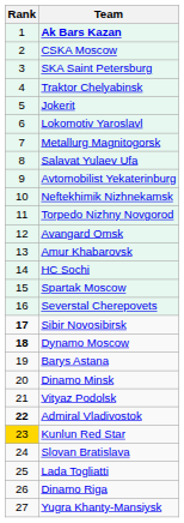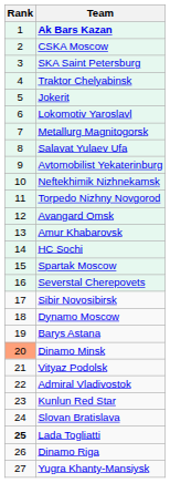 <table class="wikitable">
 <tr>
 <th align="center">Rank</th>
 <th>Team</th>
 </tr>
 <tr bgcolor="#e6f8ef">
 <td rowspan="1" align="center">1</td>
 <td> <strong><a href='#'>Ak Bars Kazan</a></strong></td>
 </tr>
 <tr bgcolor="#e6f8ef">
 <td rowspan="1" align="center">2</td>
 <td> <a href='#'>CSKA Moscow</a></td>
 </tr>
 <tr bgcolor="#e6f8ef">
 <td rowspan="1" align="center">3</td>
 <td> <a href='#'>SKA Saint Petersburg</a></td>
 </tr>
 <tr bgcolor="#e6f8ef">
 <td rowspan="1" align="center">4</td>
 <td> <a href='#'>Traktor Chelyabinsk</a></td>
 </tr>
 <tr bgcolor="#e6f8ef">
 <td rowspan="1" align="center">5</td>
 <td> <a href='#'>Jokerit</a></td>
 </tr>
 <tr bgcolor="#e6f8ef">
 <td rowspan="1" align="center">6</td>
 <td> <a href='#'>Lokomotiv Yaroslavl</a></td>
 </tr>
 <tr bgcolor="#e6f8ef">
 <td rowspan="1" align="center">7</td>
 <td> <a href='#'>Metallurg Magnitogorsk</a></td>
 </tr>
 <tr bgcolor="#e6f8ef">
 <td rowspan="1" align="center">8</td>
 <td> <a href='#'>Salavat Yulaev Ufa</a></td>
 </tr>
 <tr bgcolor="#e6f8ef">
 <td rowspan="1" align="center">9</td>
 <td> <a href='#'>Avtomobilist Yekaterinburg</a></td>
 </tr>
 <tr bgcolor="#e6f8ef">
 <td rowspan="1" align="center">10</td>
 <td> <a href='#'>Neftekhimik Nizhnekamsk</a></td>
 </tr>
 <tr bgcolor="#e6f8ef">
 <td rowspan="1" align="center">11</td>
 <td> <a href='#'>Torpedo Nizhny Novgorod</a></td>
 </tr>
 <tr bgcolor="#e6f8ef">
 <td rowspan="1" align="center">12</td>
 <td> <a href='#'>Avangard Omsk</a></td>
 </tr>
 <tr bgcolor="#e6f8ef">
 <td rowspan="1" align="center">13</td>
 <td> <a href='#'>Amur Khabarovsk</a></td>
 </tr>
 <tr bgcolor="#e6f8ef">
 <td rowspan="1" align="center">14</td>
 <td> <a href='#'>HC Sochi</a></td>
 </tr>
 <tr bgcolor="#e6f8ef">
 <td rowspan="1" align="center">15</td>
 <td> <a href='#'>Spartak Moscow</a></td>
 </tr>
 <tr bgcolor="#e6f8ef">
 <td rowspan="1" align="center">16</td>
 <td> <a href='#'>Severstal Cherepovets</a></td>
 </tr>
 <tr>
-<td rowspan="1" align="center"><strong>17</strong></td>
+<td rowspan="1" align="center">17</td>
 <td> <a href='#'>Sibir Novosibirsk</a></td>
 </tr>
 <tr>
-<td rowspan="1" align="center"><strong>18</strong></td>
+<td rowspan="1" align="center">18</td>
 <td> <a href='#'>Dynamo Moscow</a></td>
 </tr>
 <tr>
 <td rowspan="1" align="center">19</td>
 <td> <a href='#'>Barys Astana</a></td>
 </tr>
 <tr>
-<td rowspan="1" align="center">20</td>
+<td rowspan="1" align="center" style="background: lightsalmon;">20</td>
 <td> <a href='#'>Dinamo Minsk</a></td>
 </tr>
 <tr>
 <td rowspan="1" align="center">21</td>
 <td> <a href='#'>Vityaz Podolsk</a></td>
 </tr>
 <tr>
-<td rowspan="1" align="center"><strong>22</strong></td>
+<td rowspan="1" align="center">22</td>
 <td> <a href='#'>Admiral Vladivostok</a></td>
 </tr>
 <tr>
-<td rowspan="1" align="center" style="background: gold;">23</td>
+<td rowspan="1" align="center">23</td>
 <td> <a href='#'>Kunlun Red Star</a></td>
 </tr>
 <tr>
 <td rowspan="1" align="center">24</td>
 <td> <a href='#'>Slovan Bratislava</a></td>
 </tr>
 <tr>
-<td rowspan="1" align="center">25</td>
+<td rowspan="1" align="center"><strong>25</strong></td>
 <td> <a href='#'>Lada Togliatti</a></td>
 </tr>
 <tr>
 <td rowspan="1" align="center">26</td>
 <td> <a href='#'>Dinamo Riga</a></td>
 </tr>
 <tr>
 <td rowspan="1" align="center">27</td>
 <td> <a href='#'>Yugra Khanty-Mansiysk</a></td>
 </tr>
 </table>
